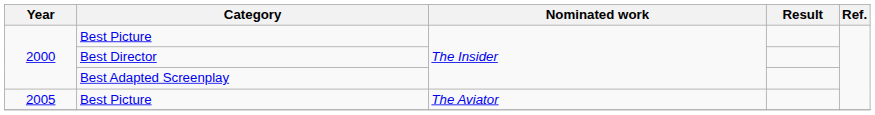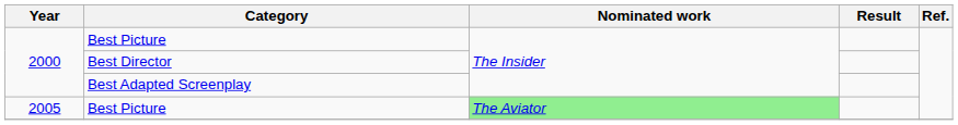 <table class=wikitable>
 <tr>
 <th scope="col" style="width:5em;">Year</th>
 <th scope="col" style="width:26em;">Category</th>
 <th scope="col" style="width:25em;">Nominated work</th>
 <th scope="col" style="width:5em;">Result</th>
 <th>Ref.</th>
 </tr>
 <tr>
 <td style="text-align:center;", rowspan=3><a href='#'>2000</a></td>
 <td><a href='#'>Best Picture</a></td>
 <td rowspan=3><em><a href='#'>The Insider</a></em></td>
 <td></td>
 <td rowspan=4></td>
 </tr>
 <tr>
 <td><a href='#'>Best Director</a></td>
 <td></td>
 </tr>
 <tr>
 <td><a href='#'>Best Adapted Screenplay</a></td>
 <td></td>
 </tr>
 <tr>
 <td style="text-align:center;"><a href='#'>2005</a></td>
 <td><a href='#'>Best Picture</a></td>
-<td><em><a href='#'>The Aviator</a></em></td>
+<td style="background: lightgreen;"><em><a href='#'>The Aviator</a></em></td>
 <td></td>
 </tr>
 <tr>
 </tr>
 </table>
